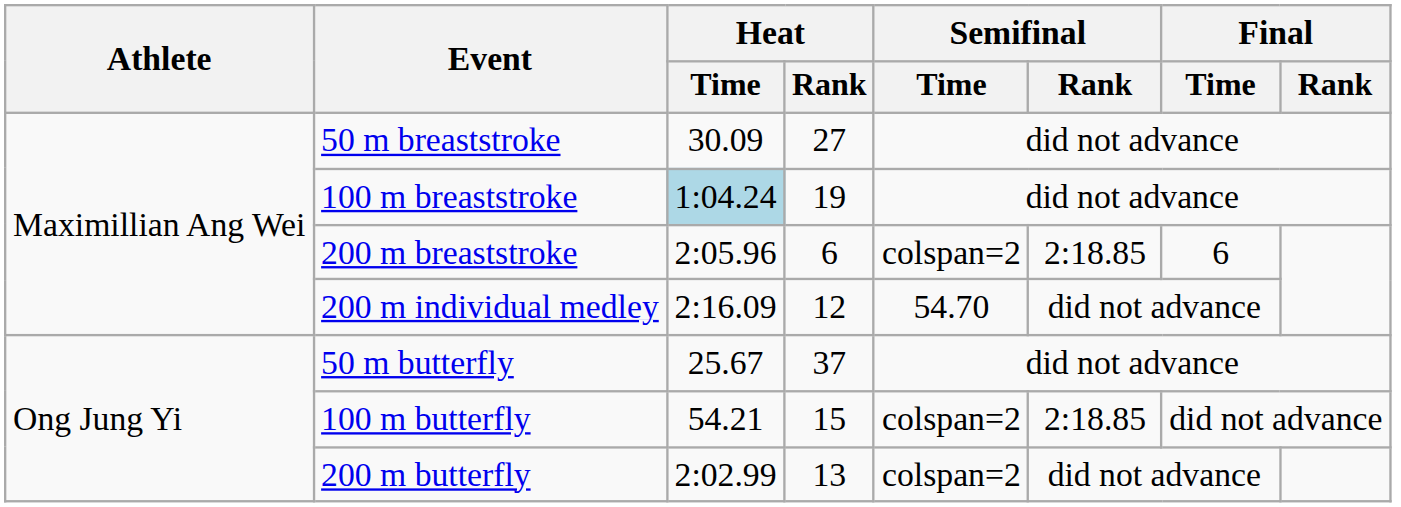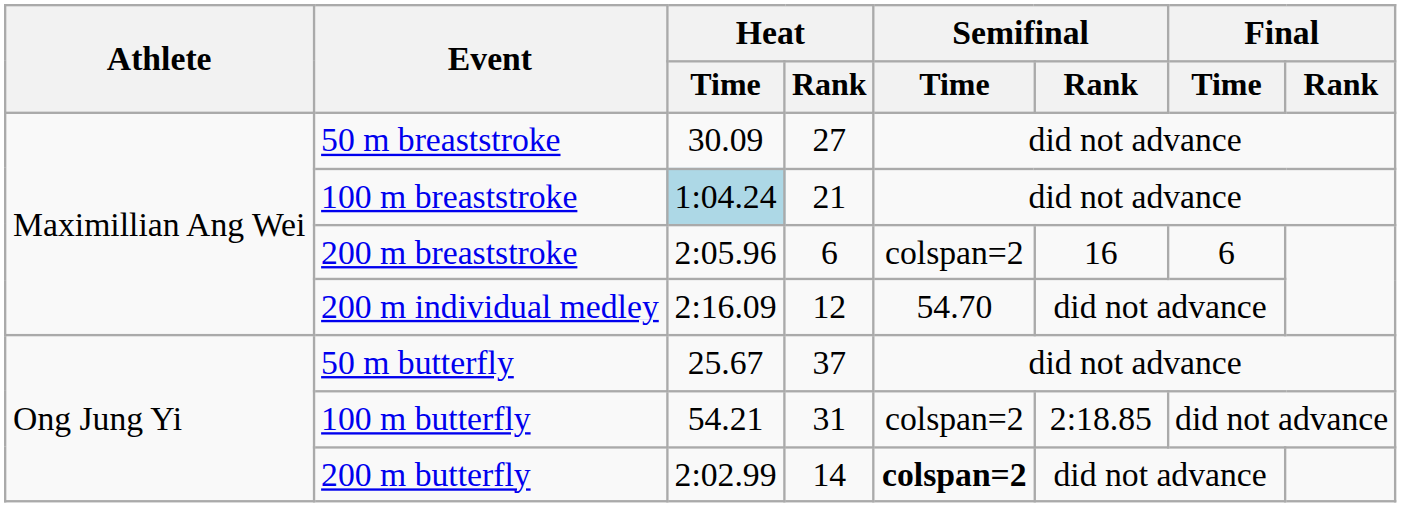 <table class=wikitable style="font-size:90%">
 <tr>
 <th rowspan="2">Athlete</th>
 <th rowspan="2">Event</th>
 <th colspan="2">Heat</th>
 <th colspan="2">Semifinal</th>
 <th colspan="2">Final</th>
 </tr>
 <tr style="font-size:95%">
 <th>Time</th>
 <th>Rank</th>
 <th>Time</th>
 <th>Rank</th>
 <th>Time</th>
 <th>Rank</th>
 </tr>
 <tr align=center>
 <td align=left rowspan=4>Maximillian Ang Wei</td>
 <td align=left><a href='#'>50 m breaststroke</a></td>
 <td>30.09</td>
 <td>27</td>
 <td colspan=4>did not advance</td>
 </tr>
 <tr align=center>
 <td align=left><a href='#'>100 m breaststroke</a></td>
 <td style="background: lightblue;">1:04.24</td>
-<td>19</td>
+<td>21</td>
 <td colspan=4>did not advance</td>
 </tr>
 <tr align=center>
 <td align=left><a href='#'>200 m breaststroke</a></td>
 <td>2:05.96</td>
 <td>6</td>
 <td>colspan=2 </td>
-<td>2:18.85</td>
+<td>16</td>
 <td>6</td>
 </tr>
 <tr align=center>
 <td align=left><a href='#'>200 m individual medley</a></td>
 <td>2:16.09</td>
 <td>12</td>
 <td>54.70</td>
 <td colspan=2>did not advance</td>
 </tr>
 <tr align=center>
 <td align=left rowspan=3>Ong Jung Yi</td>
 <td align=left><a href='#'>50 m butterfly</a></td>
 <td>25.67</td>
 <td>37</td>
 <td colspan=4>did not advance</td>
 </tr>
 <tr align=center>
 <td align=left><a href='#'>100 m butterfly</a></td>
 <td>54.21</td>
-<td>15</td>
+<td>31</td>
 <td>colspan=2 </td>
 <td>2:18.85</td>
 <td colspan=2>did not advance</td>
 </tr>
 <tr align=center>
 <td align=left><a href='#'>200 m butterfly</a></td>
 <td>2:02.99</td>
-<td>13</td>
-<td>colspan=2 </td>
+<td>14</td>
+<td><strong>colspan=2 </strong></td>
 <td colspan=2>did not advance</td>
 </tr>
 </table>
